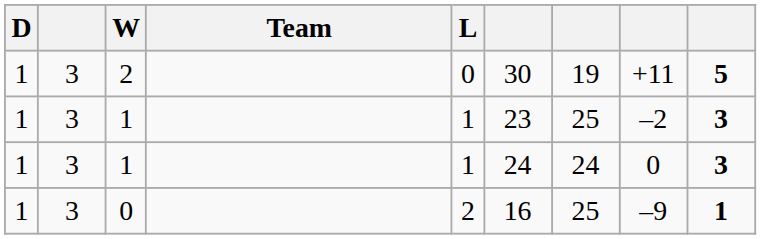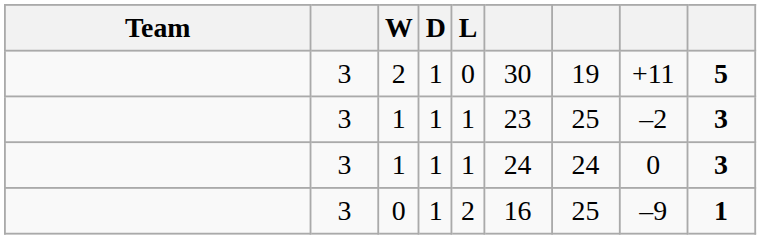 <table class="wikitable" style="text-align:center; font-size:95%;">
 <tr>
-<th>D</th>
+<th width=160>Team</th>
 <th width=30></th>
 <th>W</th>
-<th width=160>Team</th>
+<th>D</th>
 <th>L</th>
 <th width=30></th>
 <th width=30></th>
 <th width=30></th>
 <th width=30></th>
 </tr>
 <tr>
-<td>1</td>
+<td align=left></td>
 <td>3</td>
 <td>2</td>
-<td align=left></td>
+<td>1</td>
 <td>0</td>
 <td>30</td>
 <td>19</td>
 <td>+11</td>
 <td><strong>5</strong></td>
 </tr>
 <tr>
-<td>1</td>
+<td align=left></td>
 <td>3</td>
 <td>1</td>
-<td align=left></td>
+<td>1</td>
 <td>1</td>
 <td>23</td>
 <td>25</td>
 <td>–2</td>
 <td><strong>3</strong></td>
 </tr>
 <tr>
-<td>1</td>
+<td align=left></td>
 <td>3</td>
 <td>1</td>
-<td align=left></td>
+<td>1</td>
 <td>1</td>
 <td>24</td>
 <td>24</td>
 <td>0</td>
 <td><strong>3</strong></td>
 </tr>
 <tr>
-<td>1</td>
+<td align=left></td>
 <td>3</td>
 <td>0</td>
-<td align=left></td>
+<td>1</td>
 <td>2</td>
 <td>16</td>
 <td>25</td>
 <td>–9</td>
 <td><strong>1</strong></td>
 </tr>
 </table>
